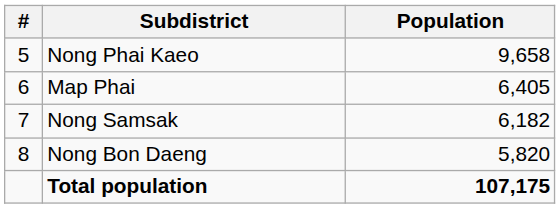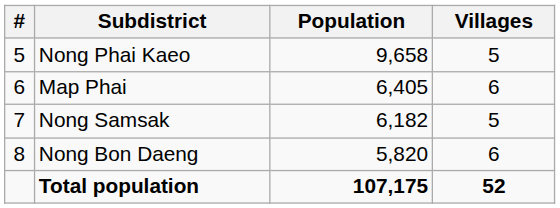 <table class="wikitable" style="width:48%; display:inline-table;">
 <tr>
 <th>#</th>
 <th>Subdistrict</th>
 <th>Population</th>
+<th>Villages</th>
 </tr>
 <tr>
 <td style="text-align:center;">5</td>
 <td>Nong Phai Kaeo</td>
 <td style="text-align:right;">9,658</td>
+<td style="text-align:center;">5</td>
 </tr>
 <tr>
 <td style="text-align:center;">6</td>
 <td>Map Phai</td>
 <td style="text-align:right;">6,405</td>
+<td style="text-align:center;">6</td>
 </tr>
 <tr>
 <td style="text-align:center;">7</td>
 <td>Nong Samsak</td>
 <td style="text-align:right;">6,182</td>
+<td style="text-align:center;">5</td>
 </tr>
 <tr>
 <td style="text-align:center;">8</td>
 <td>Nong Bon Daeng</td>
 <td style="text-align:right;">5,820</td>
+<td style="text-align:center;">6</td>
 </tr>
 <tr>
 <td></td>
 <td><strong>Total population</strong></td>
 <td style="text-align:right;"><strong>107,175</strong></td>
+<td style="text-align:center;"><strong>52</strong></td>
 </tr>
 </table>
